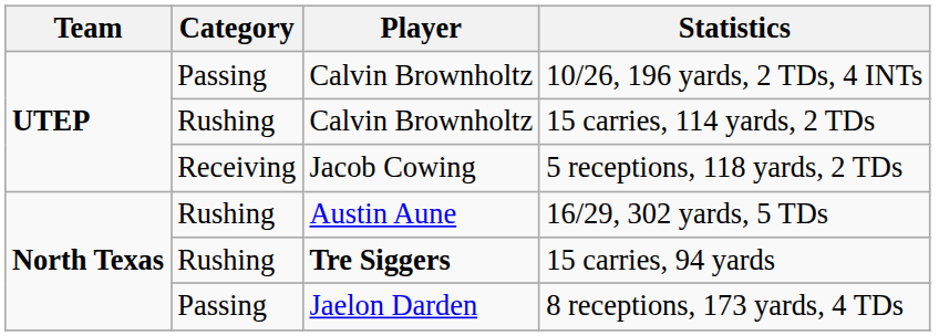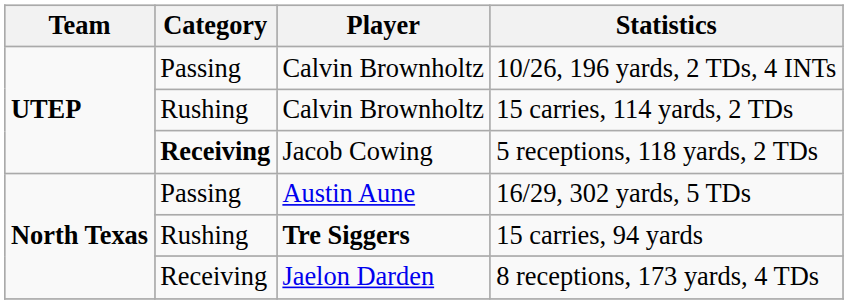 <table class="wikitable" style="float: left;">
 <tr>
 <th>Team</th>
 <th>Category</th>
 <th>Player</th>
 <th>Statistics</th>
 </tr>
 <tr>
 <td rowspan=3><strong>UTEP</strong></td>
 <td>Passing</td>
 <td>Calvin Brownholtz</td>
 <td>10/26, 196 yards, 2 TDs, 4 INTs</td>
 </tr>
 <tr>
 <td>Rushing</td>
 <td>Calvin Brownholtz</td>
 <td>15 carries, 114 yards, 2 TDs</td>
 </tr>
 <tr>
-<td>Receiving</td>
+<td><strong>Receiving</strong></td>
 <td>Jacob Cowing</td>
 <td>5 receptions, 118 yards, 2 TDs</td>
 </tr>
 <tr>
 <td rowspan=3><strong>North Texas</strong></td>
-<td>Rushing</td>
+<td>Passing</td>
 <td><a href='#'>Austin Aune</a></td>
 <td>16/29, 302 yards, 5 TDs</td>
 </tr>
 <tr>
 <td>Rushing</td>
 <td><strong>Tre Siggers</strong></td>
 <td>15 carries, 94 yards</td>
 </tr>
 <tr>
-<td>Passing</td>
+<td>Receiving</td>
 <td><a href='#'>Jaelon Darden</a></td>
 <td>8 receptions, 173 yards, 4 TDs</td>
 </tr>
 </table>
